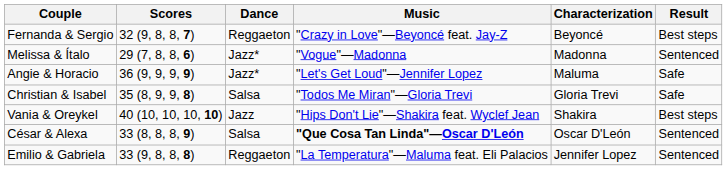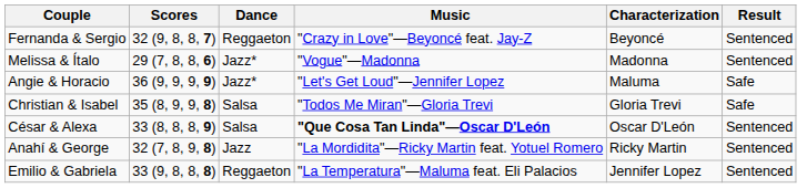 <table class="wikitable sortable" style="width:95%; white-space:nowrap;">
 <tr>
 <th style="width:14%;">Couple</th>
 <th style="width:13%;">Scores</th>
 <th style="width:10%;">Dance</th>
 <th style="width:32%;">Music</th>
 <th style="width:12%;">Characterization</th>
 <th style="width:12%;">Result</th>
 </tr>
 <tr>
 <td>Fernanda & Sergio</td>
 <td>32 (9, 8, 8, <strong>7</strong>)</td>
 <td>Reggaeton</td>
 <td>"<a href='#'>Crazy in Love</a>"—<a href='#'>Beyoncé</a> feat. <a href='#'>Jay-Z</a></td>
 <td>Beyoncé</td>
-<td>Best steps</td>
+<td>Sentenced</td>
 </tr>
 <tr>
 <td>Melissa & Ítalo</td>
 <td>29 (7, 8, 8, <strong>6</strong>)</td>
 <td>Jazz*</td>
 <td>"<a href='#'>Vogue</a>"—<a href='#'>Madonna</a></td>
 <td>Madonna</td>
 <td>Sentenced</td>
 </tr>
 <tr>
 <td>Angie & Horacio</td>
 <td>36 (9, 9, 9, <strong>9</strong>)</td>
 <td>Jazz*</td>
 <td>"<a href='#'>Let's Get Loud</a>"—<a href='#'>Jennifer Lopez</a></td>
 <td>Maluma</td>
 <td>Safe</td>
 </tr>
 <tr>
 <td>Christian & Isabel</td>
 <td>35 (8, 9, 9, <strong>8</strong>)</td>
 <td>Salsa</td>
 <td>"<a href='#'>Todos Me Miran</a>"—<a href='#'>Gloria Trevi</a></td>
 <td>Gloria Trevi</td>
 <td>Safe</td>
 </tr>
 <tr>
-<td>Vania & Oreykel</td>
-<td>40 (10, 10, 10, <strong>10</strong>)</td>
-<td>Jazz</td>
-<td>"<a href='#'>Hips Don't Lie</a>"—<a href='#'>Shakira</a> feat. <a href='#'>Wyclef Jean</a></td>
-<td>Shakira</td>
-<td>Best steps</td>
-</tr>
-<tr>
 <td>César & Alexa</td>
 <td>33 (8, 8, 8, <strong>9</strong>)</td>
 <td>Salsa</td>
 <td><strong>"Que Cosa Tan Linda"—<a href='#'>Oscar D'León</a></strong></td>
 <td>Oscar D'León</td>
+<td>Sentenced</td>
+</tr>
+<tr>
+<td>Anahí & George</td>
+<td>32 (7, 8, 9, <strong>8</strong>)</td>
+<td>Jazz</td>
+<td>"<a href='#'>La Mordidita</a>"—<a href='#'>Ricky Martin</a> feat. <a href='#'>Yotuel Romero</a></td>
+<td>Ricky Martin</td>
 <td>Sentenced</td>
 </tr>
 <tr>
 <td>Emilio & Gabriela</td>
 <td>33 (9, 8, 8, <strong>8</strong>)</td>
 <td>Reggaeton</td>
 <td>"<a href='#'>La Temperatura</a>"—<a href='#'>Maluma</a> feat. Eli Palacios</td>
 <td>Jennifer Lopez</td>
 <td>Sentenced</td>
 </tr>
 </table>
